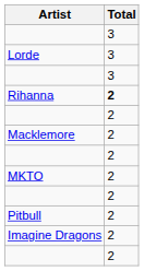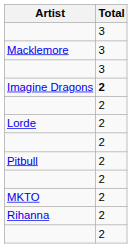 <table class="wikitable sortable" style="font-size:97%;">
 <tr>
 <th>Artist</th>
 <th>Total</th>
 </tr>
 <tr>
 <td></td>
 <td>3</td>
 </tr>
 <tr>
-<td><a href='#'>Lorde</a></td>
+<td><a href='#'>Macklemore</a></td>
 <td>3</td>
 </tr>
 <tr>
 <td></td>
 <td>3</td>
 </tr>
 <tr>
-<td><a href='#'>Rihanna</a></td>
+<td><a href='#'>Imagine Dragons</a></td>
 <td><strong>2</strong></td>
 </tr>
 <tr>
 <td></td>
 <td>2</td>
 </tr>
 <tr>
-<td><a href='#'>Macklemore</a></td>
+<td><a href='#'>Lorde</a></td>
+<td>2</td>
+</tr>
+<tr>
+<td></td>
+<td>2</td>
+</tr>
+<tr>
+<td><a href='#'>Pitbull</a></td>
 <td>2</td>
 </tr>
 <tr>
 <td></td>
 <td>2</td>
 </tr>
 <tr>
 <td><a href='#'>MKTO</a></td>
 <td>2</td>
 </tr>
 <tr>
-<td></td>
-<td>2</td>
-</tr>
-<tr>
-<td><a href='#'>Pitbull</a></td>
-<td>2</td>
-</tr>
-<tr>
-<td><a href='#'>Imagine Dragons</a></td>
+<td><a href='#'>Rihanna</a></td>
 <td>2</td>
 </tr>
 <tr>
 <td></td>
 <td>2</td>
 </tr>
 </table>
